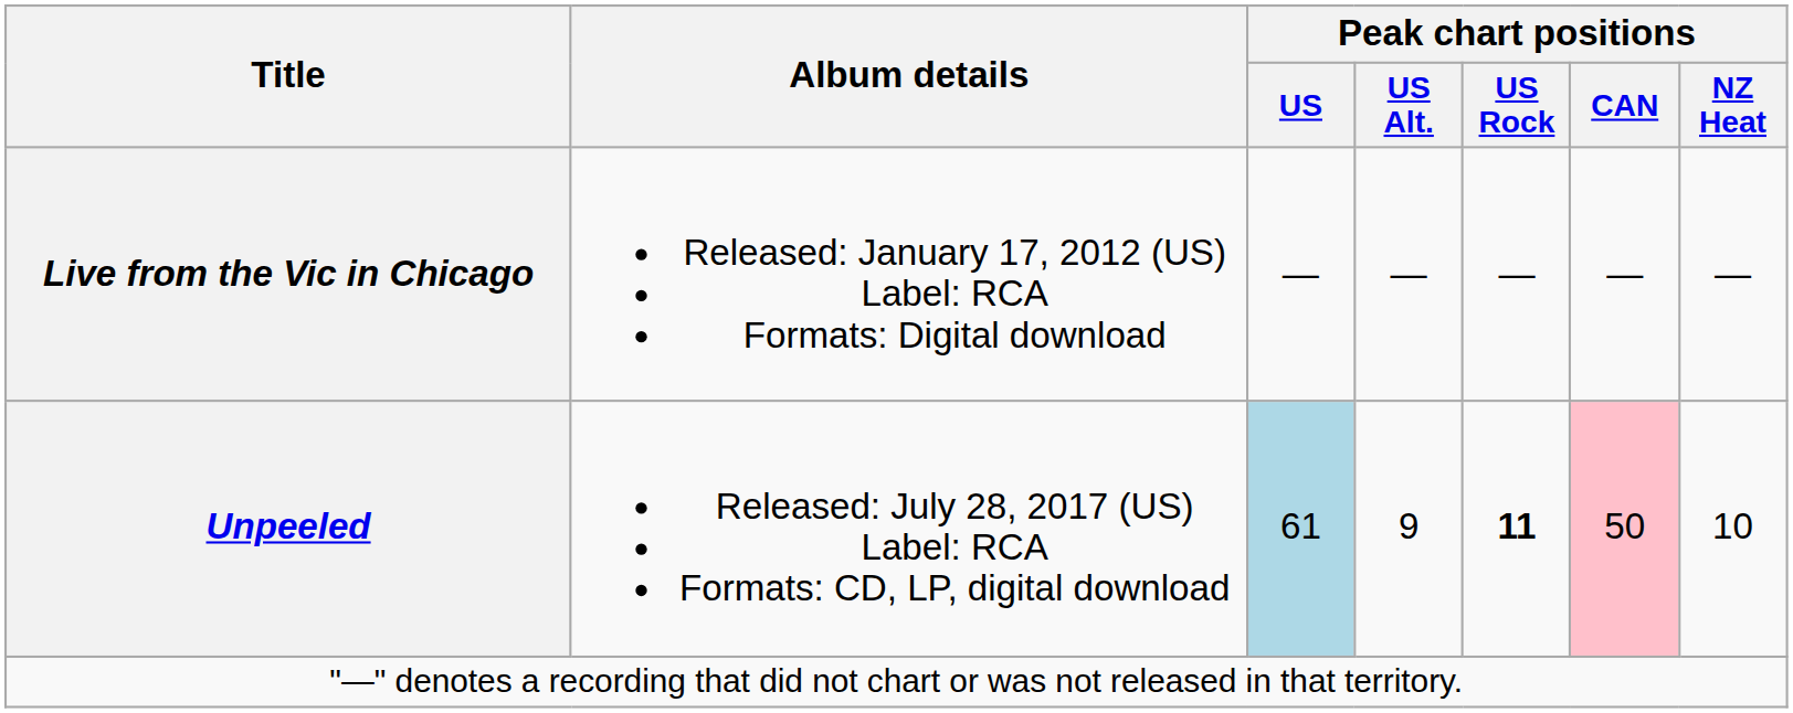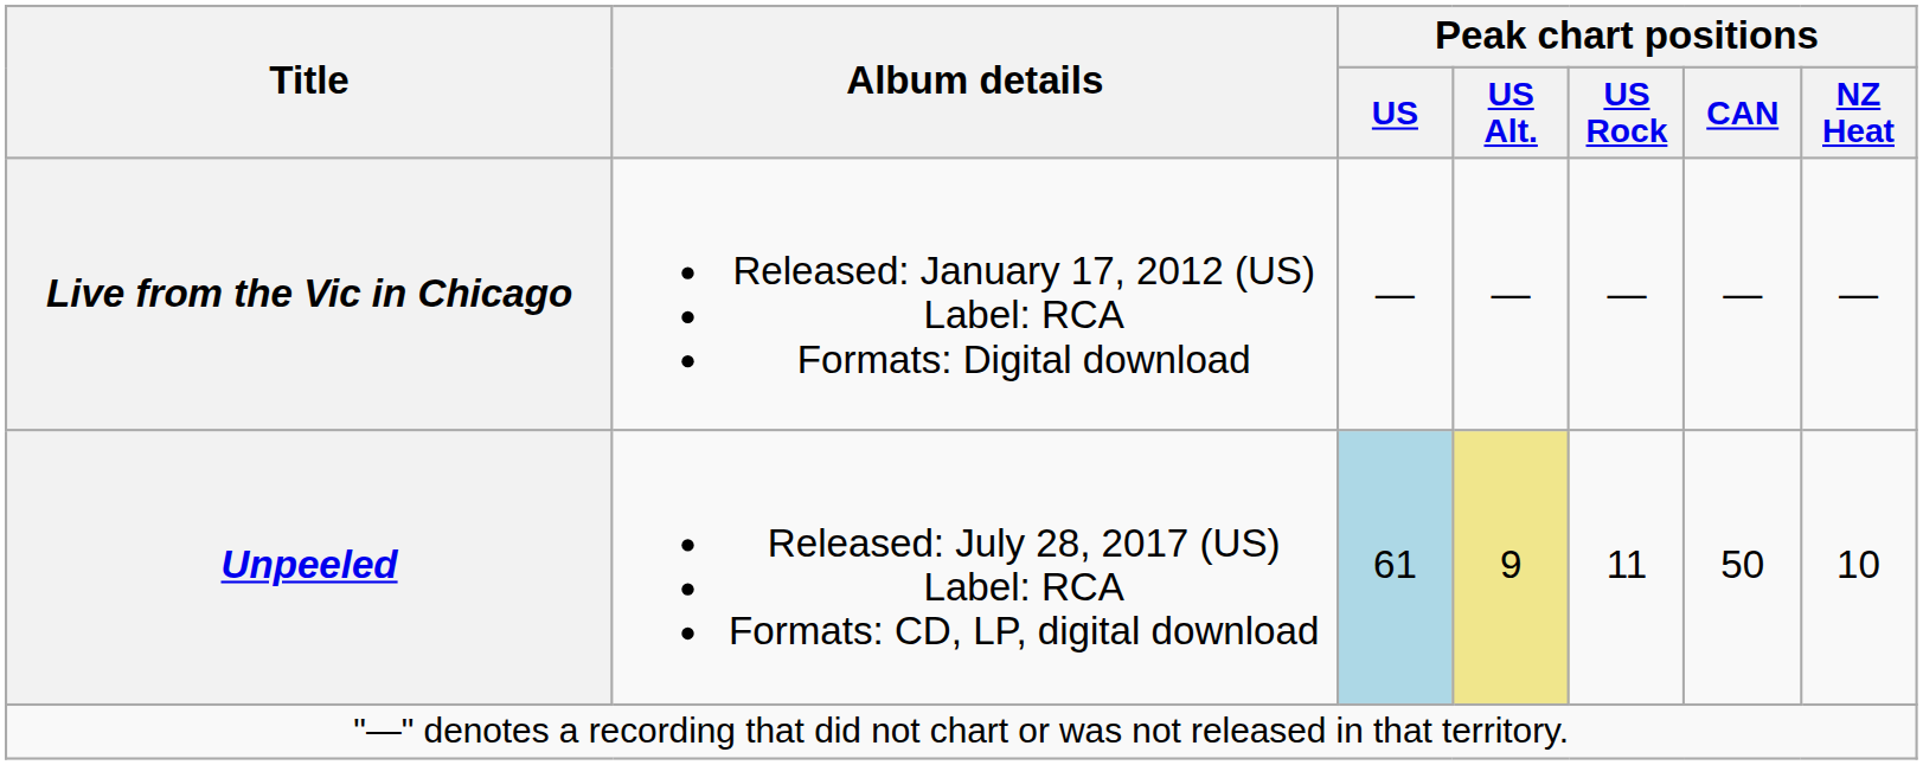 <table class="wikitable plainrowheaders" style="text-align:center;">
 <tr>
 <th scope="col" rowspan="2" style="width:15em;">Title</th>
 <th scope="col" rowspan="2" style="width:18em;">Album details</th>
 <th scope="col" colspan="5">Peak chart positions</th>
 </tr>
 <tr>
 <th scope="col" style="width:3em;font-size:85%;"><a href='#'>US</a><br></th>
 <th scope="col" style="width:3em;font-size:85%;"><a href='#'>US<br>Alt.</a><br></th>
 <th scope="col" style="width:3em;font-size:85%;"><a href='#'>US<br>Rock</a><br></th>
 <th scope="col" style="width:3em;font-size:85%;"><a href='#'>CAN</a><br></th>
 <th scope="col" style="width:3em;font-size:85%;"><a href='#'>NZ<br>Heat</a><br></th>
 </tr>
 <tr>
 <th scope="row"><em>Live from the Vic in Chicago</em></th>
 <td><br><ul><li>Released: January 17, 2012 <span>(US)</span></li><li>Label: RCA</li><li>Formats: Digital download</li></ul></td>
 <td>—</td>
 <td>—</td>
 <td>—</td>
 <td>—</td>
 <td>—</td>
 </tr>
 <tr>
 <th scope="row"><em><a href='#'>Unpeeled</a> </em></th>
 <td><br><ul><li>Released: July 28, 2017 <span>(US)</span></li><li>Label: RCA</li><li>Formats: CD, LP, digital download</li></ul></td>
 <td style="background: lightblue;">61</td>
-<td>9</td>
-<td><strong>11</strong></td>
-<td style="background: pink;">50</td>
+<td style="background: khaki;">9</td>
+<td>11</td>
+<td>50</td>
 <td>10</td>
 </tr>
 <tr>
 <td colspan="14" style="font-size:90%">"—" denotes a recording that did not chart or was not released in that territory.</td>
 </tr>
 </table>
